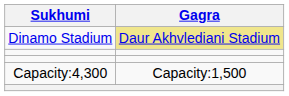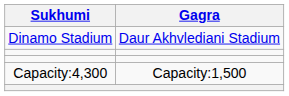 <table class="wikitable" style="margin:1em auto; text-align:center;">
 <tr>
 <th><a href='#'>Sukhumi</a></th>
 <th><a href='#'>Gagra</a></th>
 </tr>
 <tr>
 <td><a href='#'>Dinamo Stadium</a></td>
-<td style="background: khaki;"><a href='#'>Daur Akhvlediani Stadium</a></td>
+<td><a href='#'>Daur Akhvlediani Stadium</a></td>
 </tr>
 <tr>
 <td></td>
 <td></td>
 </tr>
 <tr>
 <td><small></small></td>
 <td><small></small></td>
 </tr>
 <tr>
 <td>Capacity:4,300</td>
 <td>Capacity:1,500</td>
 </tr>
 <tr>
 <th rowspan=15 colspan=2></th>
 </tr>
 </table>
